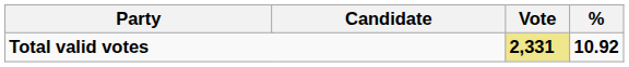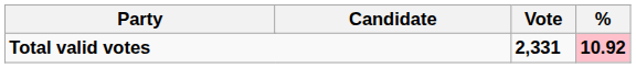 <table class="wikitable">
 <tr>
 <th bgcolor="#DDDDFF" width="230px" colspan="2">Party</th>
 <th bgcolor="#DDDDFF" width="200px">Candidate</th>
 <th bgcolor="#DDDDFF" width="50px">Vote</th>
 <th bgcolor="#DDDDFF" width="30px">%<br>  </th>
 </tr>
 <tr>
 <td colspan="3"><strong>Total valid votes</strong></td>
-<td style="background: khaki;"><strong>2,331</strong></td>
-<td><strong>10.92</strong></td>
+<td><strong>2,331</strong></td>
+<td style="background: pink;"><strong>10.92</strong></td>
 </tr>
 </table>
